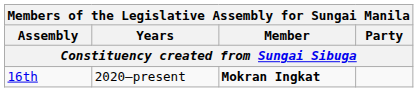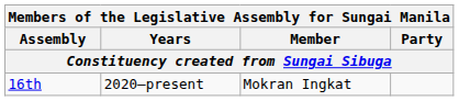 <table class=wikitable>
 <tr>
 <th colspan=4>Members of the Legislative Assembly for Sungai Manila</th>
 </tr>
 <tr>
 <th>Assembly</th>
 <th>Years</th>
 <th>Member</th>
 <th>Party</th>
 </tr>
 <tr>
 <th colspan=4 align=center><em>Constituency created from <a href='#'>Sungai Sibuga</a></em></th>
 </tr>
 <tr>
 <td><a href='#'>16th</a></td>
 <td>2020–present</td>
-<td><strong>Mokran Ingkat</strong></td>
+<td>Mokran Ingkat</td>
 <td></td>
 </tr>
 </table>
